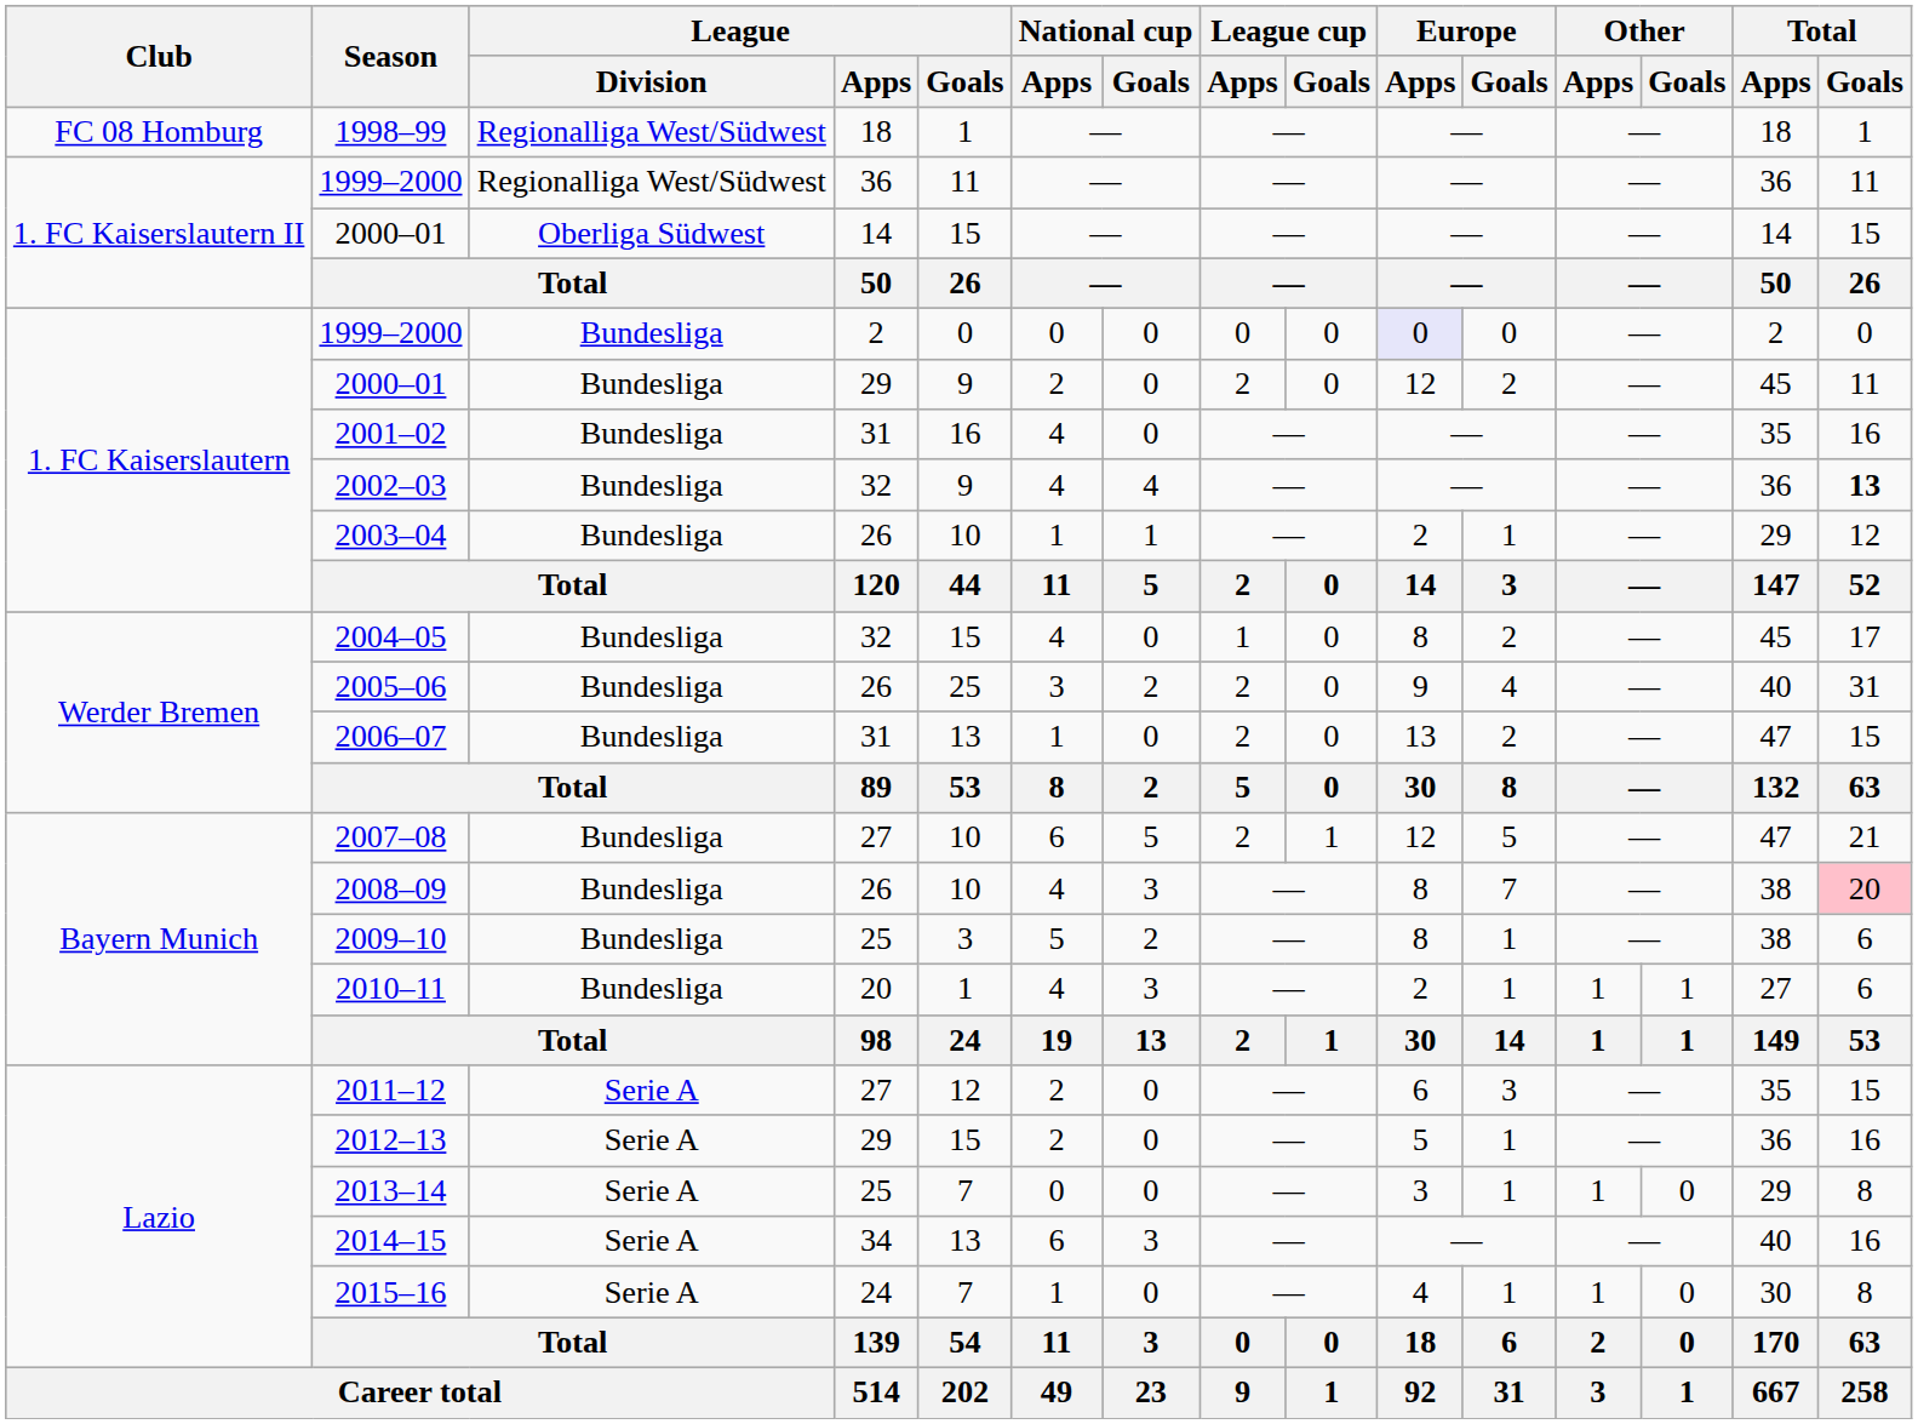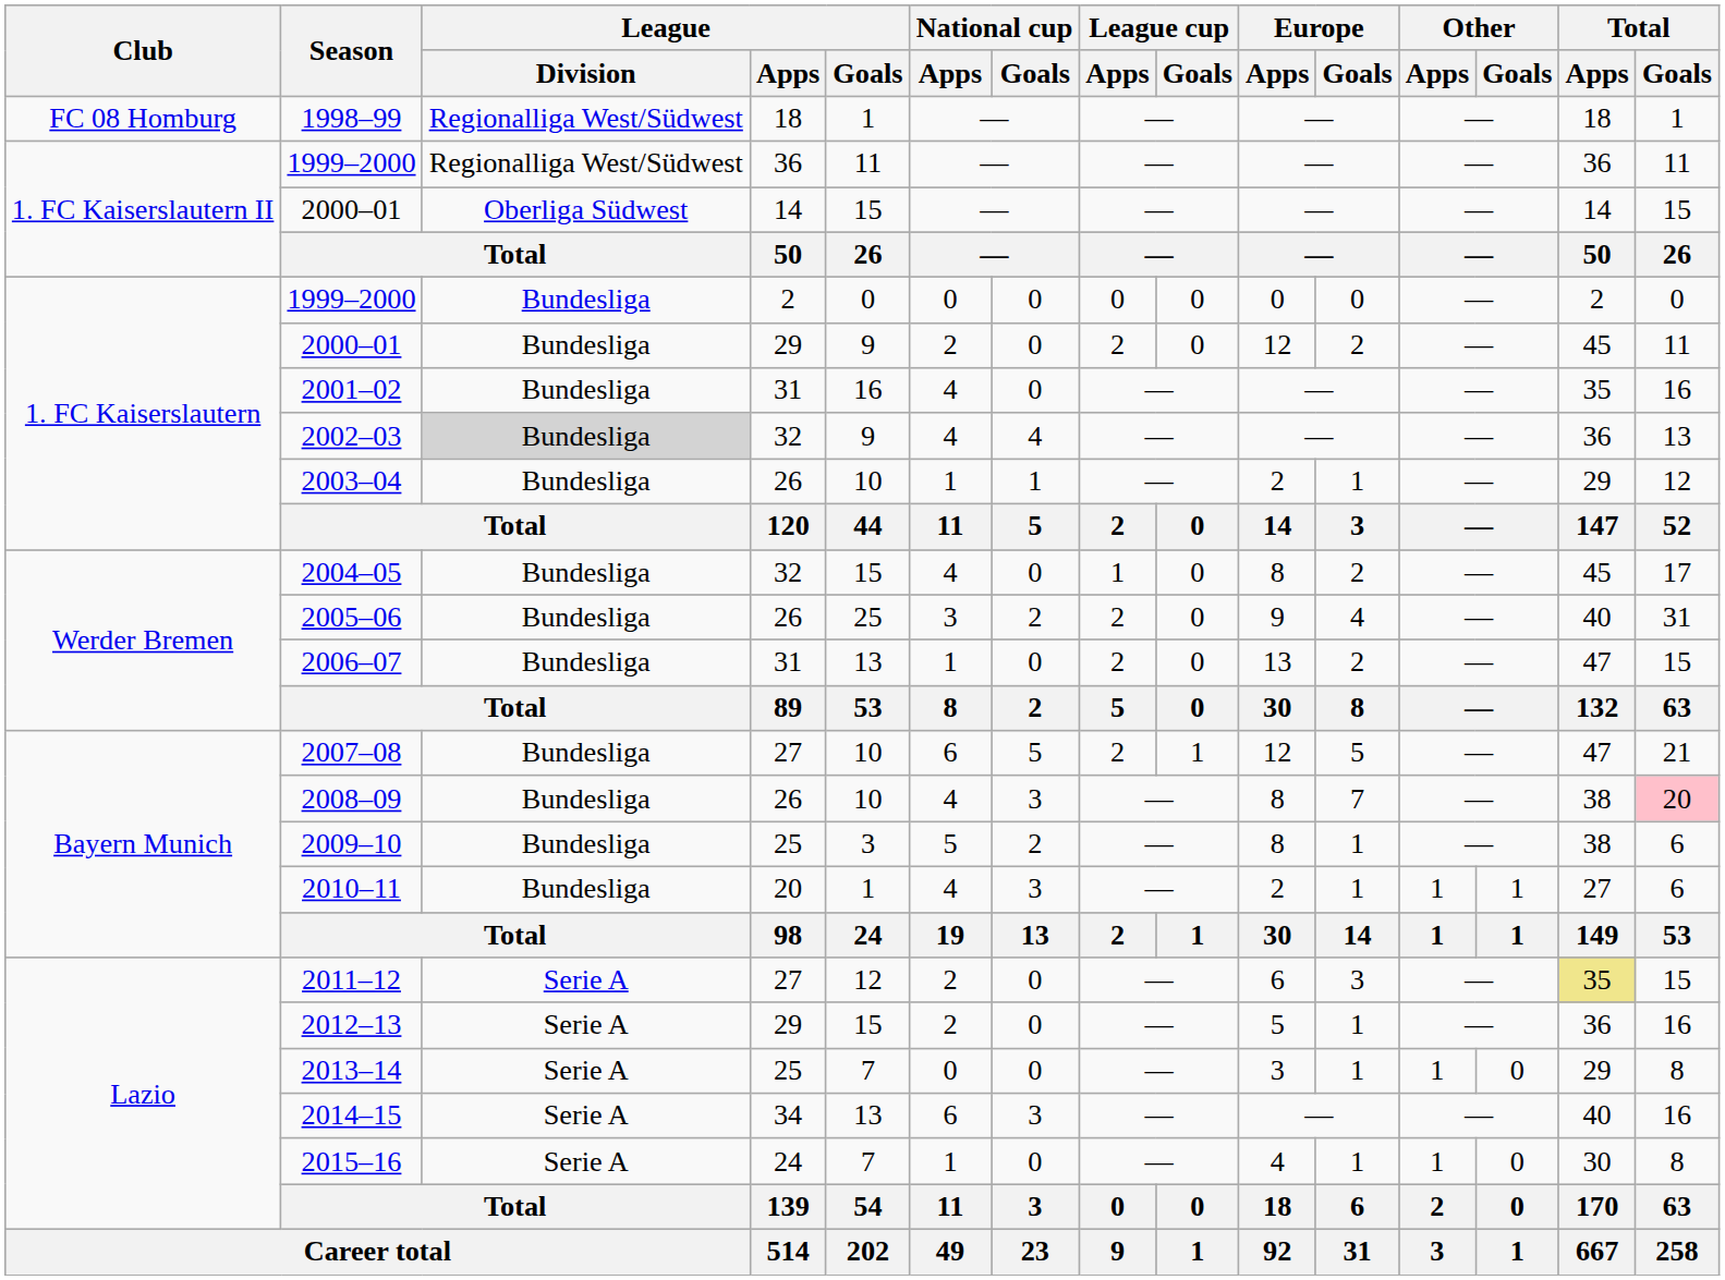 <table class="wikitable" style="text-align:center">
 <tr>
 <th rowspan="2">Club</th>
 <th rowspan="2">Season</th>
 <th colspan="3">League</th>
 <th colspan="2">National cup</th>
 <th colspan="2">League cup</th>
 <th colspan="2">Europe</th>
 <th colspan="2">Other</th>
 <th colspan="2">Total</th>
 </tr>
 <tr>
 <th>Division</th>
 <th>Apps</th>
 <th>Goals</th>
 <th>Apps</th>
 <th>Goals</th>
 <th>Apps</th>
 <th>Goals</th>
 <th>Apps</th>
 <th>Goals</th>
 <th>Apps</th>
 <th>Goals</th>
 <th>Apps</th>
 <th>Goals</th>
 </tr>
 <tr>
 <td><a href='#'>FC 08 Homburg</a></td>
 <td><a href='#'>1998–99</a></td>
 <td><a href='#'>Regionalliga West/Südwest</a></td>
 <td>18</td>
 <td>1</td>
 <td colspan="2">—</td>
 <td colspan="2">—</td>
 <td colspan="2">—</td>
 <td colspan="2">—</td>
 <td>18</td>
 <td>1</td>
 </tr>
 <tr>
 <td rowspan="3"><a href='#'>1. FC Kaiserslautern II</a></td>
 <td><a href='#'>1999–2000</a></td>
 <td>Regionalliga West/Südwest</td>
 <td>36</td>
 <td>11</td>
 <td colspan="2">—</td>
 <td colspan="2">—</td>
 <td colspan="2">—</td>
 <td colspan="2">—</td>
 <td>36</td>
 <td>11</td>
 </tr>
 <tr>
 <td>2000–01</td>
 <td><a href='#'>Oberliga Südwest</a></td>
 <td>14</td>
 <td>15</td>
 <td colspan="2">—</td>
 <td colspan="2">—</td>
 <td colspan="2">—</td>
 <td colspan="2">—</td>
 <td>14</td>
 <td>15</td>
 </tr>
 <tr>
 <th colspan="2">Total</th>
 <th>50</th>
 <th>26</th>
 <th colspan="2">—</th>
 <th colspan="2">—</th>
 <th colspan="2">—</th>
 <th colspan="2">—</th>
 <th>50</th>
 <th>26</th>
 </tr>
 <tr>
 <td rowspan="6"><a href='#'>1. FC Kaiserslautern</a></td>
 <td><a href='#'>1999–2000</a></td>
 <td><a href='#'>Bundesliga</a></td>
 <td>2</td>
 <td>0</td>
 <td>0</td>
 <td>0</td>
 <td>0</td>
 <td>0</td>
-<td style="background: lavender;">0</td>
+<td>0</td>
 <td>0</td>
 <td colspan="2">—</td>
 <td>2</td>
 <td>0</td>
 </tr>
 <tr>
 <td><a href='#'>2000–01</a></td>
 <td>Bundesliga</td>
 <td>29</td>
 <td>9</td>
 <td>2</td>
 <td>0</td>
 <td>2</td>
 <td>0</td>
 <td>12</td>
 <td>2</td>
 <td colspan="2">—</td>
 <td>45</td>
 <td>11</td>
 </tr>
 <tr>
 <td><a href='#'>2001–02</a></td>
 <td>Bundesliga</td>
 <td>31</td>
 <td>16</td>
 <td>4</td>
 <td>0</td>
 <td colspan="2">—</td>
 <td colspan="2">—</td>
 <td colspan="2">—</td>
 <td>35</td>
 <td>16</td>
 </tr>
 <tr>
 <td><a href='#'>2002–03</a></td>
-<td>Bundesliga</td>
+<td style="background: lightgrey;">Bundesliga</td>
 <td>32</td>
 <td>9</td>
 <td>4</td>
 <td>4</td>
 <td colspan="2">—</td>
 <td colspan="2">—</td>
 <td colspan="2">—</td>
 <td>36</td>
-<td><strong>13</strong></td>
+<td>13</td>
 </tr>
 <tr>
 <td><a href='#'>2003–04</a></td>
 <td>Bundesliga</td>
 <td>26</td>
 <td>10</td>
 <td>1</td>
 <td>1</td>
 <td colspan="2">—</td>
 <td>2</td>
 <td>1</td>
 <td colspan="2">—</td>
 <td>29</td>
 <td>12</td>
 </tr>
 <tr>
 <th colspan="2">Total</th>
 <th>120</th>
 <th>44</th>
 <th>11</th>
 <th>5</th>
 <th>2</th>
 <th>0</th>
 <th>14</th>
 <th>3</th>
 <th colspan="2">—</th>
 <th>147</th>
 <th>52</th>
 </tr>
 <tr>
 <td rowspan="4"><a href='#'>Werder Bremen</a></td>
 <td><a href='#'>2004–05</a></td>
 <td>Bundesliga</td>
 <td>32</td>
 <td>15</td>
 <td>4</td>
 <td>0</td>
 <td>1</td>
 <td>0</td>
 <td>8</td>
 <td>2</td>
 <td colspan="2">—</td>
 <td>45</td>
 <td>17</td>
 </tr>
 <tr>
 <td><a href='#'>2005–06</a></td>
 <td>Bundesliga</td>
 <td>26</td>
 <td>25</td>
 <td>3</td>
 <td>2</td>
 <td>2</td>
 <td>0</td>
 <td>9</td>
 <td>4</td>
 <td colspan="2">—</td>
 <td>40</td>
 <td>31</td>
 </tr>
 <tr>
 <td><a href='#'>2006–07</a></td>
 <td>Bundesliga</td>
 <td>31</td>
 <td>13</td>
 <td>1</td>
 <td>0</td>
 <td>2</td>
 <td>0</td>
 <td>13</td>
 <td>2</td>
 <td colspan="2">—</td>
 <td>47</td>
 <td>15</td>
 </tr>
 <tr>
 <th colspan="2">Total</th>
 <th>89</th>
 <th>53</th>
 <th>8</th>
 <th>2</th>
 <th>5</th>
 <th>0</th>
 <th>30</th>
 <th>8</th>
 <th colspan="2">—</th>
 <th>132</th>
 <th>63</th>
 </tr>
 <tr>
 <td rowspan="5"><a href='#'>Bayern Munich</a></td>
 <td><a href='#'>2007–08</a></td>
 <td>Bundesliga</td>
 <td>27</td>
 <td>10</td>
 <td>6</td>
 <td>5</td>
 <td>2</td>
 <td>1</td>
 <td>12</td>
 <td>5</td>
 <td colspan="2">—</td>
 <td>47</td>
 <td>21</td>
 </tr>
 <tr>
 <td><a href='#'>2008–09</a></td>
 <td>Bundesliga</td>
 <td>26</td>
 <td>10</td>
 <td>4</td>
 <td>3</td>
 <td colspan="2">—</td>
 <td>8</td>
 <td>7</td>
 <td colspan="2">—</td>
 <td>38</td>
 <td style="background: pink;">20</td>
 </tr>
 <tr>
 <td><a href='#'>2009–10</a></td>
 <td>Bundesliga</td>
 <td>25</td>
 <td>3</td>
 <td>5</td>
 <td>2</td>
 <td colspan="2">—</td>
 <td>8</td>
 <td>1</td>
 <td colspan="2">—</td>
 <td>38</td>
 <td>6</td>
 </tr>
 <tr>
 <td><a href='#'>2010–11</a></td>
 <td>Bundesliga</td>
 <td>20</td>
 <td>1</td>
 <td>4</td>
 <td>3</td>
 <td colspan="2">—</td>
 <td>2</td>
 <td>1</td>
 <td>1</td>
 <td>1</td>
 <td>27</td>
 <td>6</td>
 </tr>
 <tr>
 <th colspan="2">Total</th>
 <th>98</th>
 <th>24</th>
 <th>19</th>
 <th>13</th>
 <th>2</th>
 <th>1</th>
 <th>30</th>
 <th>14</th>
 <th>1</th>
 <th>1</th>
 <th>149</th>
 <th>53</th>
 </tr>
 <tr>
 <td rowspan="6"><a href='#'>Lazio</a></td>
 <td><a href='#'>2011–12</a></td>
 <td><a href='#'>Serie A</a></td>
 <td>27</td>
 <td>12</td>
 <td>2</td>
 <td>0</td>
 <td colspan="2">—</td>
 <td>6</td>
 <td>3</td>
 <td colspan="2">—</td>
-<td>35</td>
+<td style="background: khaki;">35</td>
 <td>15</td>
 </tr>
 <tr>
 <td><a href='#'>2012–13</a></td>
 <td>Serie A</td>
 <td>29</td>
 <td>15</td>
 <td>2</td>
 <td>0</td>
 <td colspan="2">—</td>
 <td>5</td>
 <td>1</td>
 <td colspan="2">—</td>
 <td>36</td>
 <td>16</td>
 </tr>
 <tr>
 <td><a href='#'>2013–14</a></td>
 <td>Serie A</td>
 <td>25</td>
 <td>7</td>
 <td>0</td>
 <td>0</td>
 <td colspan="2">—</td>
 <td>3</td>
 <td>1</td>
 <td>1</td>
 <td>0</td>
 <td>29</td>
 <td>8</td>
 </tr>
 <tr>
 <td><a href='#'>2014–15</a></td>
 <td>Serie A</td>
 <td>34</td>
 <td>13</td>
 <td>6</td>
 <td>3</td>
 <td colspan="2">—</td>
 <td colspan="2">—</td>
 <td colspan="2">—</td>
 <td>40</td>
 <td>16</td>
 </tr>
 <tr>
 <td><a href='#'>2015–16</a></td>
 <td>Serie A</td>
 <td>24</td>
 <td>7</td>
 <td>1</td>
 <td>0</td>
 <td colspan="2">—</td>
 <td>4</td>
 <td>1</td>
 <td>1</td>
 <td>0</td>
 <td>30</td>
 <td>8</td>
 </tr>
 <tr>
 <th colspan="2">Total</th>
 <th>139</th>
 <th>54</th>
 <th>11</th>
 <th>3</th>
 <th>0</th>
 <th>0</th>
 <th>18</th>
 <th>6</th>
 <th>2</th>
 <th>0</th>
 <th>170</th>
 <th>63</th>
 </tr>
 <tr>
 <th colspan="3">Career total</th>
 <th>514</th>
 <th>202</th>
 <th>49</th>
 <th>23</th>
 <th>9</th>
 <th>1</th>
 <th>92</th>
 <th>31</th>
 <th>3</th>
 <th>1</th>
 <th>667</th>
 <th>258</th>
 </tr>
 </table>
